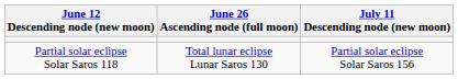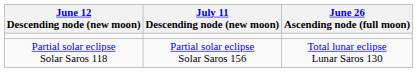 <table class="wikitable">
 <tr>
 <th><a href='#'>June 12</a><br>Descending node (new moon)<br></th>
+<th><a href='#'>July 11</a><br>Descending node (new moon)<br></th>
 <th><a href='#'>June 26</a><br>Ascending node (full moon)<br></th>
-<th><a href='#'>July 11</a><br>Descending node (new moon)<br></th>
 </tr>
 <tr>
 <td></td>
 <td></td>
 <td></td>
 </tr>
 <tr align=center>
 <td><a href='#'>Partial solar eclipse</a><br>Solar Saros 118</td>
+<td><a href='#'>Partial solar eclipse</a><br>Solar Saros 156</td>
 <td><a href='#'>Total lunar eclipse</a><br>Lunar Saros 130</td>
-<td><a href='#'>Partial solar eclipse</a><br>Solar Saros 156</td>
 </tr>
 </table>
